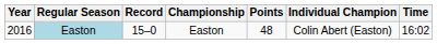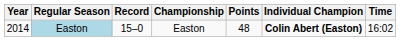 <table class="wikitable" style="text-align:center">
 <tr>
 <th>Year</th>
 <th>Regular Season</th>
 <th>Record</th>
 <th>Championship</th>
 <th>Points</th>
 <th>Individual Champion</th>
 <th>Time</th>
 </tr>
 <tr>
-<td>2016</td>
+<td>2014</td>
 <td style="background: lightblue;">Easton</td>
 <td>15–0</td>
 <td>Easton</td>
 <td>48</td>
-<td>Colin Abert (Easton)</td>
+<td><strong>Colin Abert (Easton)</strong></td>
 <td>16:02</td>
 </tr>
 </table>
